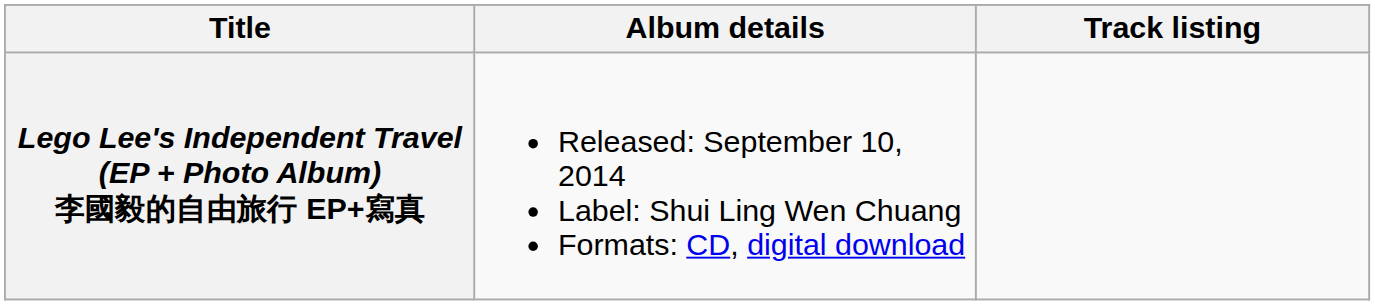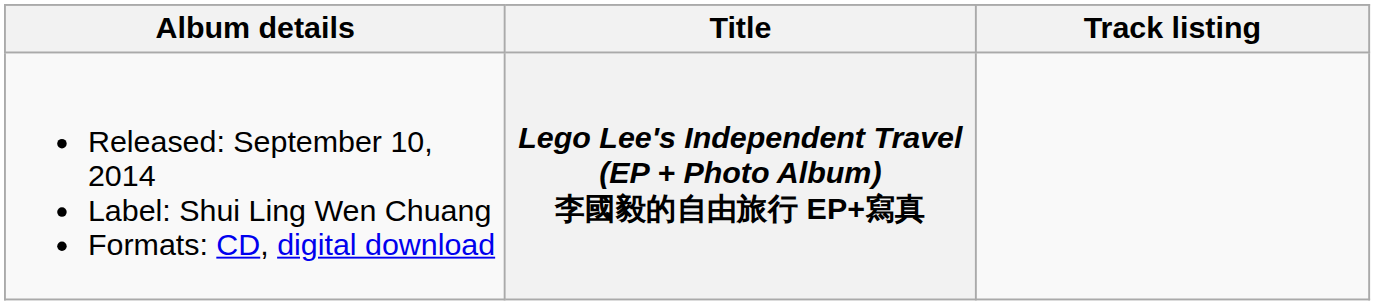 <table class="wikitable plainrowheaders" style="text-align:center;">
 <tr>
+<th style="width:16em;">Album details</th>
 <th style="width:15em;">Title</th>
-<th style="width:16em;">Album details</th>
 <th style="width:200px;">Track listing</th>
 </tr>
 <tr>
+<td align="left"><br><ul><li>Released: September 10, 2014</li><li>Label: Shui Ling Wen Chuang</li><li>Formats: <a href='#'>CD</a>, <a href='#'>digital download</a></li></ul></td>
 <th scope="row"><em>Lego Lee's Independent Travel (EP + Photo Album)</em> <br>李國毅的自由旅行 EP+寫真</th>
-<td align="left"><br><ul><li>Released: September 10, 2014</li><li>Label: Shui Ling Wen Chuang</li><li>Formats: <a href='#'>CD</a>, <a href='#'>digital download</a></li></ul></td>
 <td align="center"></td>
 </tr>
 </table>
